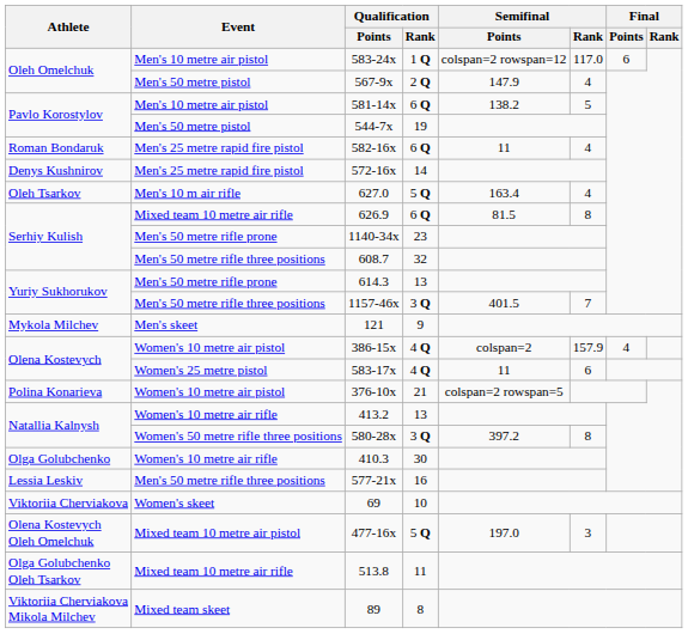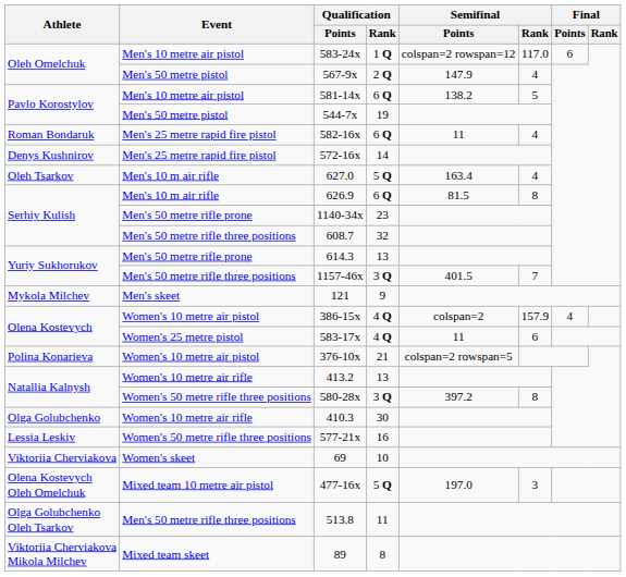 <table class="wikitable" style="font-size:90%">
 <tr>
 <th rowspan="2">Athlete</th>
 <th rowspan="2">Event</th>
 <th colspan=2>Qualification</th>
 <th colspan=2>Semifinal</th>
 <th colspan=2>Final</th>
 </tr>
 <tr style="font-size:95%">
 <th>Points</th>
 <th>Rank</th>
 <th>Points</th>
 <th>Rank</th>
 <th>Points</th>
 <th>Rank</th>
 </tr>
 <tr align=center>
 <td align=left rowspan=2><a href='#'>Oleh Omelchuk</a></td>
 <td align=left><a href='#'>Men's 10 metre air pistol</a></td>
 <td>583-24x</td>
 <td>1 <strong>Q</strong></td>
 <td>colspan=2 rowspan=12 </td>
 <td>117.0</td>
 <td>6</td>
 </tr>
 <tr align=center>
 <td align=left><a href='#'>Men's 50 metre pistol</a></td>
 <td>567-9x</td>
 <td>2 <strong>Q</strong></td>
 <td>147.9</td>
 <td>4</td>
 </tr>
 <tr align=center>
 <td align=left rowspan=2><a href='#'>Pavlo Korostylov</a></td>
 <td align=left><a href='#'>Men's 10 metre air pistol</a></td>
 <td>581-14x</td>
 <td>6 <strong>Q</strong></td>
 <td>138.2</td>
 <td>5</td>
 </tr>
 <tr align=center>
 <td align=left><a href='#'>Men's 50 metre pistol</a></td>
 <td>544-7x</td>
 <td>19</td>
 <td colspan=2></td>
 </tr>
 <tr align=center>
 <td align=left><a href='#'>Roman Bondaruk</a></td>
 <td align=left><a href='#'>Men's 25 metre rapid fire pistol</a></td>
 <td>582-16x</td>
 <td>6 <strong>Q</strong></td>
 <td>11</td>
 <td>4</td>
 </tr>
 <tr align=center>
 <td align=left><a href='#'>Denys Kushnirov</a></td>
 <td align=left><a href='#'>Men's 25 metre rapid fire pistol</a></td>
 <td>572-16x</td>
 <td>14</td>
 <td colspan=2></td>
 </tr>
 <tr align=center>
 <td align=left><a href='#'>Oleh Tsarkov</a></td>
 <td align=left><a href='#'>Men's 10 m air rifle</a></td>
 <td>627.0</td>
 <td>5 <strong>Q</strong></td>
 <td>163.4</td>
 <td>4</td>
 </tr>
 <tr align=center>
 <td align=left rowspan=3><a href='#'>Serhiy Kulish</a></td>
-<td align=left><a href='#'>Mixed team 10 metre air rifle</a></td>
+<td align=left><a href='#'>Men's 10 m air rifle</a></td>
 <td>626.9</td>
 <td>6 <strong>Q</strong></td>
 <td>81.5</td>
 <td>8</td>
 </tr>
 <tr align=center>
 <td align=left><a href='#'>Men's 50 metre rifle prone</a></td>
 <td>1140-34x</td>
 <td>23</td>
 <td colspan=2></td>
 </tr>
 <tr align=center>
 <td align=left><a href='#'>Men's 50 metre rifle three positions</a></td>
 <td>608.7</td>
 <td>32</td>
 <td colspan=2></td>
 </tr>
 <tr align=center>
 <td align=left rowspan=2><a href='#'>Yuriy Sukhorukov</a></td>
 <td align=left><a href='#'>Men's 50 metre rifle prone</a></td>
 <td>614.3</td>
 <td>13</td>
 <td colspan=2></td>
 </tr>
 <tr align=center>
 <td align=left><a href='#'>Men's 50 metre rifle three positions</a></td>
 <td>1157-46x</td>
 <td>3 <strong>Q</strong></td>
 <td>401.5</td>
 <td>7</td>
 </tr>
 <tr align=center>
 <td align=left><a href='#'>Mykola Milchev</a></td>
 <td align=left><a href='#'>Men's skeet</a></td>
 <td>121</td>
 <td>9</td>
 <td colspan=4></td>
 </tr>
 <tr align=center>
 <td align=left rowspan=2><a href='#'>Olena Kostevych</a></td>
 <td align=left><a href='#'>Women's 10 metre air pistol</a></td>
 <td>386-15x</td>
 <td>4 <strong>Q</strong></td>
 <td>colspan=2 </td>
 <td>157.9</td>
 <td>4</td>
 </tr>
 <tr align=center>
 <td align=left><a href='#'>Women's 25 metre pistol</a></td>
 <td>583-17x</td>
 <td>4 <strong>Q</strong></td>
 <td>11</td>
 <td>6</td>
 <td colspan=2></td>
 </tr>
 <tr align=center>
 <td align=left><a href='#'>Polina Konarieva</a></td>
 <td align=left><a href='#'>Women's 10 metre air pistol</a></td>
 <td>376-10x</td>
 <td>21</td>
 <td>colspan=2 rowspan=5 </td>
 <td colspan=2></td>
 </tr>
 <tr align=center>
 <td align=left rowspan=2><a href='#'>Natallia Kalnysh</a></td>
 <td align=left><a href='#'>Women's 10 metre air rifle</a></td>
 <td>413.2</td>
 <td>13</td>
 <td colspan=2></td>
 </tr>
 <tr align=center>
 <td align=left><a href='#'>Women's 50 metre rifle three positions</a></td>
 <td>580-28x</td>
 <td>3 <strong>Q</strong></td>
 <td>397.2</td>
 <td>8</td>
 </tr>
 <tr align=center>
 <td align=left><a href='#'>Olga Golubchenko</a></td>
 <td align=left><a href='#'>Women's 10 metre air rifle</a></td>
 <td>410.3</td>
 <td>30</td>
 <td colspan=2></td>
 </tr>
 <tr align=center>
 <td align=left><a href='#'>Lessia Leskiv</a></td>
-<td align=left><a href='#'>Men's 50 metre rifle three positions</a></td>
+<td align=left><a href='#'>Women's 50 metre rifle three positions</a></td>
 <td>577-21x</td>
 <td>16</td>
 <td colspan=2></td>
 </tr>
 <tr align=center>
 <td align=left><a href='#'>Viktoriia Cherviakova</a></td>
 <td align=left><a href='#'>Women's skeet</a></td>
 <td>69</td>
 <td>10</td>
 <td colspan=4></td>
 </tr>
 <tr align=center>
 <td align=left><a href='#'>Olena Kostevych</a><br><a href='#'>Oleh Omelchuk</a></td>
 <td align=left><a href='#'>Mixed team 10 metre air pistol</a></td>
 <td>477-16x</td>
 <td>5 <strong>Q</strong></td>
 <td>197.0</td>
 <td>3</td>
 <td colspan=2></td>
 </tr>
 <tr align=center>
 <td align=left><a href='#'>Olga Golubchenko</a><br><a href='#'>Oleh Tsarkov</a></td>
-<td align=left><a href='#'>Mixed team 10 metre air rifle</a></td>
+<td align=left><a href='#'>Men's 50 metre rifle three positions</a></td>
 <td>513.8</td>
 <td>11</td>
 <td colspan=4></td>
 </tr>
 <tr align=center>
 <td align=left><a href='#'>Viktoriia Cherviakova</a><br><a href='#'>Mikola Milchev</a></td>
 <td align=left><a href='#'>Mixed team skeet</a></td>
 <td>89</td>
 <td>8</td>
 <td colspan=4></td>
 </tr>
 </table>
